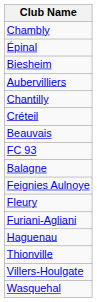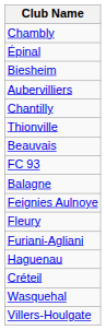 <table class="wikitable">
 <tr>
 <th>Club Name</th>
 </tr>
 <tr>
 <td><a href='#'>Chambly</a></td>
 </tr>
 <tr>
 <td><a href='#'>Épinal</a></td>
 </tr>
 <tr>
 <td><a href='#'>Biesheim</a></td>
 </tr>
 <tr>
 <td><a href='#'>Aubervilliers</a></td>
 </tr>
 <tr>
 <td><a href='#'>Chantilly</a></td>
 </tr>
 <tr>
-<td><a href='#'>Créteil</a></td>
+<td><a href='#'>Thionville</a></td>
 </tr>
 <tr>
 <td><a href='#'>Beauvais</a></td>
 </tr>
 <tr>
 <td><a href='#'>FC 93</a></td>
 </tr>
 <tr>
 <td><a href='#'>Balagne</a></td>
 </tr>
 <tr>
 <td><a href='#'>Feignies Aulnoye</a></td>
 </tr>
 <tr>
 <td><a href='#'>Fleury</a></td>
 </tr>
 <tr>
 <td><a href='#'>Furiani-Agliani</a></td>
 </tr>
 <tr>
 <td><a href='#'>Haguenau</a></td>
 </tr>
 <tr>
-<td><a href='#'>Thionville</a></td>
+<td><a href='#'>Créteil</a></td>
+</tr>
+<tr>
+<td><a href='#'>Wasquehal</a></td>
 </tr>
 <tr>
 <td><a href='#'>Villers-Houlgate</a></td>
 </tr>
-<tr>
-<td><a href='#'>Wasquehal</a></td>
-</tr>
 </table>
